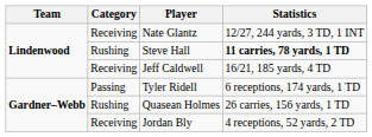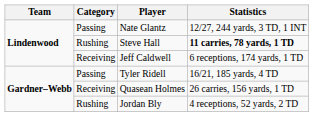 <table class="wikitable" style="float: right;">
 <tr>
 <th>Team</th>
 <th>Category</th>
 <th>Player</th>
 <th>Statistics</th>
 </tr>
 <tr>
 <td rowspan=3><strong>Lindenwood</strong></td>
-<td>Receiving</td>
+<td>Passing</td>
 <td>Nate Glantz</td>
 <td>12/27, 244 yards, 3 TD, 1 INT</td>
 </tr>
 <tr>
 <td>Rushing</td>
 <td>Steve Hall</td>
 <td><strong>11 carries, 78 yards, 1 TD</strong></td>
 </tr>
 <tr>
 <td>Receiving</td>
 <td>Jeff Caldwell</td>
-<td>16/21, 185 yards, 4 TD</td>
+<td>6 receptions, 174 yards, 1 TD</td>
 </tr>
 <tr>
 <td rowspan=3><strong>Gardner–Webb</strong></td>
 <td>Passing</td>
 <td>Tyler Ridell</td>
-<td>6 receptions, 174 yards, 1 TD</td>
+<td>16/21, 185 yards, 4 TD</td>
 </tr>
 <tr>
-<td>Rushing</td>
+<td>Receiving</td>
 <td>Quasean Holmes</td>
 <td>26 carries, 156 yards, 1 TD</td>
 </tr>
 <tr>
-<td>Receiving</td>
+<td>Rushing</td>
 <td>Jordan Bly</td>
 <td>4 receptions, 52 yards, 2 TD</td>
 </tr>
 </table>
